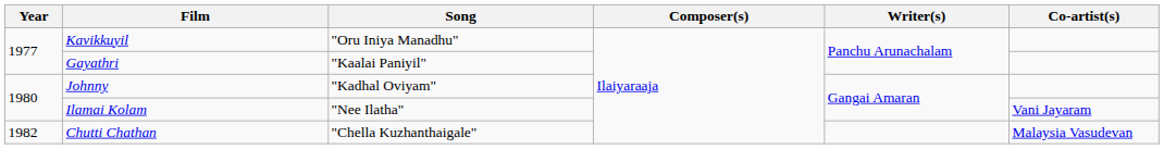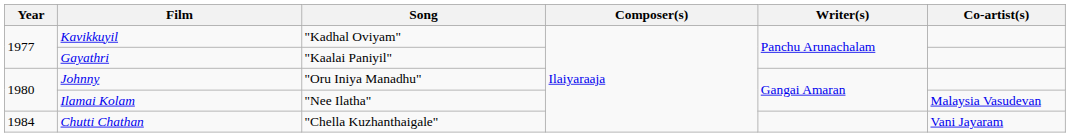 <table class="wikitable plainrowheaders" width="100%" textcolor:#000;">
 <tr style="background:#b0e0e66;">
 <th scope="col" width=5%><strong>Year</strong></th>
 <th scope="col" width=23%><strong>Film</strong></th>
 <th scope="col" width=23%><strong>Song</strong></th>
 <th scope="col" width=20%><strong>Composer(s)</strong></th>
 <th scope="col" width=16%><strong>Writer(s)</strong></th>
 <th scope="col" width=18%><strong>Co-artist(s)</strong></th>
 </tr>
 <tr>
 <td rowspan="2">1977</td>
 <td><em><a href='#'>Kavikkuyil</a></em></td>
-<td>"Oru Iniya Manadhu"</td>
+<td>"Kadhal Oviyam"</td>
 <td rowspan="5"><a href='#'>Ilaiyaraaja</a></td>
 <td rowspan="2"><a href='#'>Panchu Arunachalam</a></td>
 <td></td>
 </tr>
 <tr>
 <td><em><a href='#'>Gayathri</a></em></td>
 <td>"Kaalai Paniyil"</td>
 <td></td>
 </tr>
 <tr>
 <td rowspan="2">1980</td>
 <td><em><a href='#'>Johnny</a></em></td>
-<td>"Kadhal Oviyam"</td>
+<td>"Oru Iniya Manadhu"</td>
 <td rowspan="2"><a href='#'>Gangai Amaran</a></td>
 <td></td>
 </tr>
 <tr>
 <td><em><a href='#'>Ilamai Kolam</a></em></td>
 <td>"Nee Ilatha"</td>
-<td><a href='#'>Vani Jayaram</a></td>
+<td><a href='#'>Malaysia Vasudevan</a></td>
 </tr>
 <tr>
-<td>1982</td>
+<td>1984</td>
 <td><em><a href='#'>Chutti Chathan</a></em></td>
 <td>"Chella Kuzhanthaigale"</td>
 <td></td>
-<td><a href='#'>Malaysia Vasudevan</a></td>
+<td><a href='#'>Vani Jayaram</a></td>
 </tr>
 </table>
